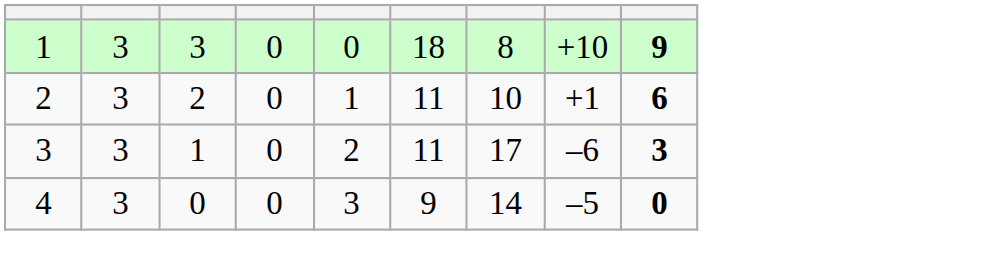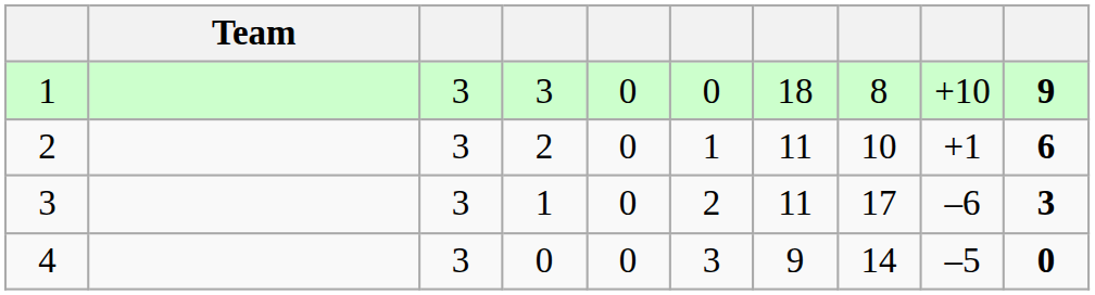 <table class="wikitable" style="text-align: center; font-size: 100%;">
 <tr>
 <th width="30"></th>
+<th width="140">Team</th>
 <th width="30"></th>
 <th width="30"></th>
 <th width="30"></th>
 <th width="30"></th>
 <th width="30"></th>
 <th width="30"></th>
 <th width="30"></th>
 <th width="30"></th>
 </tr>
 <tr style="background-color: #ccffcc;">
 <td>1</td>
+<td align=left><strong></strong></td>
 <td>3</td>
 <td>3</td>
 <td>0</td>
 <td>0</td>
 <td>18</td>
 <td>8</td>
 <td>+10</td>
 <td><strong>9</strong></td>
 </tr>
 <tr>
 <td>2</td>
+<td align=left></td>
 <td>3</td>
 <td>2</td>
 <td>0</td>
 <td>1</td>
 <td>11</td>
 <td>10</td>
 <td>+1</td>
 <td><strong>6</strong></td>
 </tr>
 <tr>
 <td>3</td>
+<td align=left></td>
 <td>3</td>
 <td>1</td>
 <td>0</td>
 <td>2</td>
 <td>11</td>
 <td>17</td>
 <td>–6</td>
 <td><strong>3</strong></td>
 </tr>
 <tr>
 <td>4</td>
+<td align=left></td>
 <td>3</td>
 <td>0</td>
 <td>0</td>
 <td>3</td>
 <td>9</td>
 <td>14</td>
 <td>–5</td>
 <td><strong>0</strong></td>
 </tr>
 </table>
